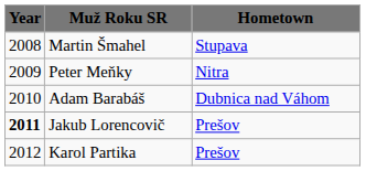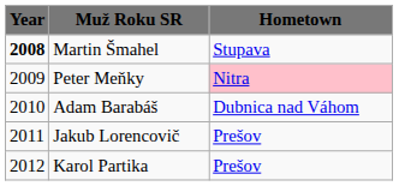 <table class="wikitable sortable" style="font-size:95%;">
 <tr colspan="10" style="background:#787878; text-align:center;">
 <td width="30"><span><strong>Year</strong></span></td>
 <td style="width:130px;"><span><strong>Muž Roku SR</strong></span></td>
 <td style="width:150px;"><span><strong>Hometown</strong></span></td>
 </tr>
 <tr>
-<td>2008</td>
+<td><strong>2008</strong></td>
 <td>Martin Šmahel</td>
 <td><a href='#'>Stupava</a></td>
 </tr>
 <tr>
 <td>2009</td>
 <td>Peter Meňky</td>
-<td><a href='#'>Nitra</a></td>
+<td style="background: pink;"><a href='#'>Nitra</a></td>
 </tr>
 <tr>
 <td>2010</td>
 <td>Adam Barabáš</td>
 <td><a href='#'>Dubnica nad Váhom</a></td>
 </tr>
 <tr>
-<td><strong>2011</strong></td>
+<td>2011</td>
 <td>Jakub Lorencovič</td>
 <td><a href='#'>Prešov</a></td>
 </tr>
 <tr>
 <td>2012</td>
 <td>Karol Partika</td>
 <td><a href='#'>Prešov</a></td>
 </tr>
 </table>
